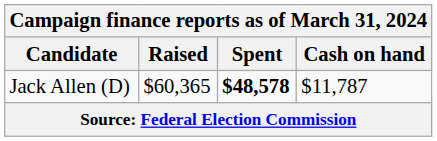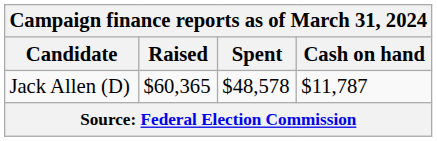 <table class="wikitable sortable">
 <tr>
 <th colspan=4>Campaign finance reports as of March 31, 2024</th>
 </tr>
 <tr style="text-align:center;">
 <th>Candidate</th>
 <th>Raised</th>
 <th>Spent</th>
 <th>Cash on hand</th>
 </tr>
 <tr>
 <td>Jack Allen (D)</td>
 <td>$60,365</td>
-<td><strong>$48,578</strong></td>
+<td>$48,578</td>
 <td>$11,787</td>
 </tr>
 <tr>
 <th colspan="4"><small>Source: <a href='#'>Federal Election Commission</a></small></th>
 </tr>
 </table>
